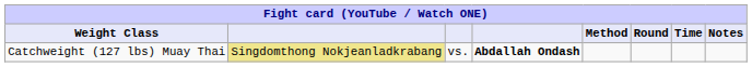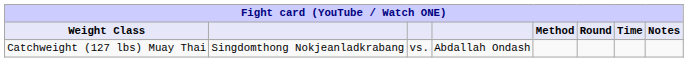 <table class="wikitable" style="font-size: 80%;">
 <tr>
 <th colspan="8" style="background-color: #ccf; color: #000080; text-align: center;"><strong>Fight card (YouTube / Watch ONE)</strong></th>
 </tr>
 <tr>
 <th colspan="1" style="background-color: #E6E8FA; color: #000000; text-align: center;">Weight Class</th>
 <th colspan="1" style="background-color: #E6E8FA; color: #000000; text-align: center;"></th>
 <th colspan="1" style="background-color: #E6E8FA; color: #000000; text-align: center;"></th>
 <th colspan="1" style="background-color: #E6E8FA; color: #000000; text-align: center;"></th>
 <th colspan="1" style="background-color: #E6E8FA; color: #000000; text-align: center;">Method</th>
 <th colspan="1" style="background-color: #E6E8FA; color: #000000; text-align: center;">Round</th>
 <th colspan="1" style="background-color: #E6E8FA; color: #000000; text-align: center;">Time</th>
 <th colspan="1" style="background-color: #E6E8FA; color: #000000; text-align: center;">Notes</th>
 </tr>
 <tr>
 <td>Catchweight (127 lbs) Muay Thai</td>
-<td style="background: khaki;"> Singdomthong Nokjeanladkrabang</td>
+<td> Singdomthong Nokjeanladkrabang</td>
 <td>vs.</td>
-<td><strong> Abdallah Ondash</strong></td>
+<td> Abdallah Ondash</td>
 <td></td>
 <td align=center></td>
 <td align=center></td>
 <td></td>
 </tr>
 </table>
